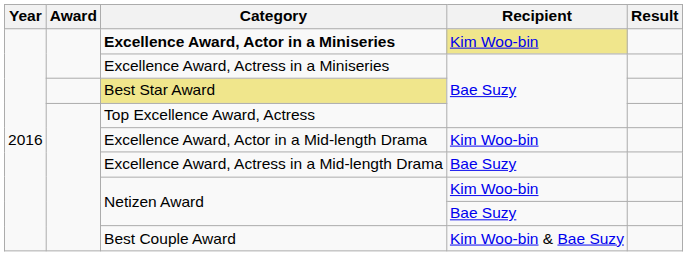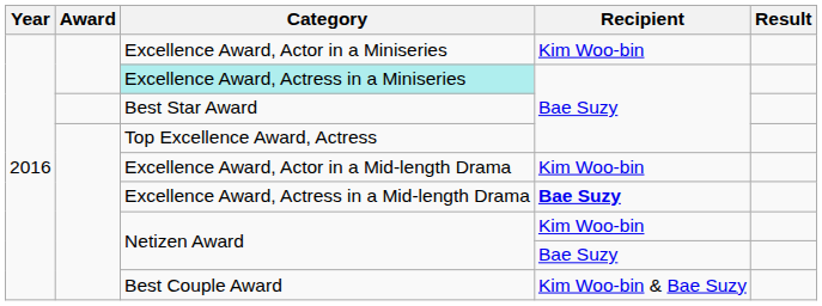 <table class="wikitable">
 <tr>
 <th>Year</th>
 <th>Award</th>
 <th>Category</th>
 <th>Recipient</th>
 <th>Result</th>
 </tr>
 <tr>
 <td rowspan="9">2016</td>
 <td rowspan="2"></td>
-<td><strong>Excellence Award, Actor in a Miniseries</strong></td>
-<td style="background: khaki;"><a href='#'>Kim Woo-bin</a></td>
+<td>Excellence Award, Actor in a Miniseries</td>
+<td><a href='#'>Kim Woo-bin</a></td>
 <td></td>
 </tr>
 <tr>
-<td>Excellence Award, Actress in a Miniseries</td>
+<td style="background: paleturquoise;">Excellence Award, Actress in a Miniseries</td>
 <td rowspan="3"><a href='#'>Bae Suzy</a></td>
 <td></td>
 </tr>
 <tr>
 <td></td>
-<td style="background: khaki;">Best Star Award</td>
+<td>Best Star Award</td>
 <td></td>
 </tr>
 <tr>
 <td rowspan="6"></td>
 <td>Top Excellence Award, Actress</td>
 <td></td>
 </tr>
 <tr>
 <td>Excellence Award, Actor in a Mid-length Drama</td>
 <td><a href='#'>Kim Woo-bin</a></td>
 <td></td>
 </tr>
 <tr>
 <td>Excellence Award, Actress in a Mid-length Drama</td>
-<td><a href='#'>Bae Suzy</a></td>
+<td><strong><a href='#'>Bae Suzy</a></strong></td>
 <td></td>
 </tr>
 <tr>
 <td rowspan="2">Netizen Award</td>
 <td><a href='#'>Kim Woo-bin</a></td>
 <td></td>
 </tr>
 <tr>
 <td><a href='#'>Bae Suzy</a></td>
 <td></td>
 </tr>
 <tr>
 <td>Best Couple Award</td>
 <td><a href='#'>Kim Woo-bin</a> & <a href='#'>Bae Suzy</a></td>
 <td></td>
 </tr>
 </table>
